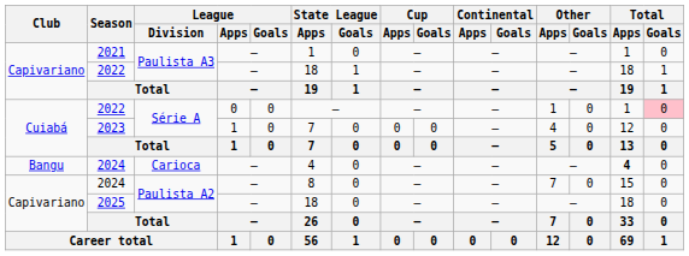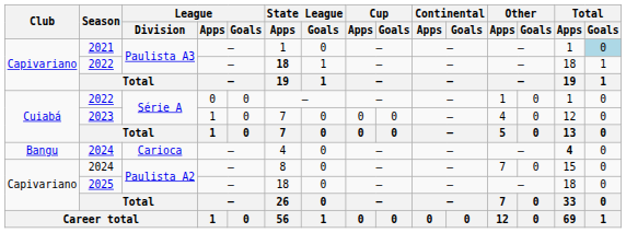 <table class="wikitable" style="text-align: center;">
 <tr>
 <th rowspan="2">Club</th>
 <th rowspan="2">Season</th>
 <th colspan="3">League</th>
 <th colspan="2">State League</th>
 <th colspan="2">Cup</th>
 <th colspan="2">Continental</th>
 <th colspan="2">Other</th>
 <th colspan="2">Total</th>
 </tr>
 <tr>
 <th>Division</th>
 <th>Apps</th>
 <th>Goals</th>
 <th>Apps</th>
 <th>Goals</th>
 <th>Apps</th>
 <th>Goals</th>
 <th>Apps</th>
 <th>Goals</th>
 <th>Apps</th>
 <th>Goals</th>
 <th>Apps</th>
 <th>Goals</th>
 </tr>
 <tr>
 <td rowspan="3" valign="center"><a href='#'>Capivariano</a></td>
 <td><a href='#'>2021</a></td>
 <td rowspan="2"><a href='#'>Paulista A3</a></td>
 <td colspan="2">—</td>
 <td>1</td>
 <td>0</td>
 <td colspan="2">—</td>
 <td colspan="2">—</td>
 <td colspan="2">—</td>
 <td>1</td>
-<td>0</td>
+<td style="background: lightblue;">0</td>
 </tr>
 <tr>
 <td><a href='#'>2022</a></td>
 <td colspan="2">—</td>
-<td>18</td>
+<td><strong>18</strong></td>
 <td>1</td>
 <td colspan="2">—</td>
 <td colspan="2">—</td>
 <td colspan="2">—</td>
 <td>18</td>
 <td>1</td>
 </tr>
 <tr>
 <th colspan="2">Total</th>
 <th colspan="2">—</th>
 <th>19</th>
 <th>1</th>
 <th colspan="2">—</th>
 <th colspan="2">—</th>
 <th colspan="2">—</th>
 <th>19</th>
 <th>1</th>
 </tr>
 <tr>
 <td rowspan="3" valign="center"><a href='#'>Cuiabá</a></td>
 <td><a href='#'>2022</a></td>
 <td rowspan="2"><a href='#'>Série A</a></td>
 <td>0</td>
 <td>0</td>
 <td colspan="2">—</td>
 <td colspan="2">—</td>
 <td colspan="2">—</td>
 <td>1</td>
 <td>0</td>
 <td>1</td>
-<td style="background: pink;">0</td>
+<td>0</td>
 </tr>
 <tr>
 <td><a href='#'>2023</a></td>
 <td>1</td>
 <td>0</td>
 <td>7</td>
 <td>0</td>
 <td>0</td>
 <td>0</td>
 <td colspan="2">—</td>
 <td>4</td>
 <td>0</td>
 <td>12</td>
 <td>0</td>
 </tr>
 <tr>
 <th colspan="2">Total</th>
 <th>1</th>
 <th>0</th>
 <th>7</th>
 <th>0</th>
 <th>0</th>
 <th>0</th>
 <th colspan="2">—</th>
 <th>5</th>
 <th>0</th>
 <th>13</th>
 <th>0</th>
 </tr>
 <tr>
 <td valign="center"><a href='#'>Bangu</a></td>
 <td><a href='#'>2024</a></td>
 <td><a href='#'>Carioca</a></td>
 <td colspan="2">—</td>
 <td>4</td>
 <td>0</td>
 <td colspan="2">—</td>
 <td colspan="2">—</td>
 <td colspan="2">—</td>
 <td><strong>4</strong></td>
 <td>0</td>
 </tr>
 <tr>
 <td rowspan="3" valign="center">Capivariano</td>
 <td>2024</td>
 <td rowspan="2"><a href='#'>Paulista A2</a></td>
 <td colspan="2">—</td>
 <td>8</td>
 <td>0</td>
 <td colspan="2">—</td>
 <td colspan="2">—</td>
 <td>7</td>
 <td>0</td>
 <td>15</td>
 <td>0</td>
 </tr>
 <tr>
 <td><a href='#'>2025</a></td>
 <td colspan="2">—</td>
 <td>18</td>
 <td>0</td>
 <td colspan="2">—</td>
 <td colspan="2">—</td>
 <td colspan="2">—</td>
 <td>18</td>
 <td>0</td>
 </tr>
 <tr>
 <th colspan="2">Total</th>
 <th colspan="2">—</th>
 <th>26</th>
 <th>0</th>
 <th colspan="2">—</th>
 <th colspan="2">—</th>
 <th>7</th>
 <th>0</th>
 <th>33</th>
 <th>0</th>
 </tr>
 <tr>
 <th colspan="3"><strong>Career total</strong></th>
 <th>1</th>
 <th>0</th>
 <th>56</th>
 <th>1</th>
 <th>0</th>
 <th>0</th>
 <th>0</th>
 <th>0</th>
 <th>12</th>
 <th>0</th>
 <th>69</th>
 <th>1</th>
 </tr>
 </table>
